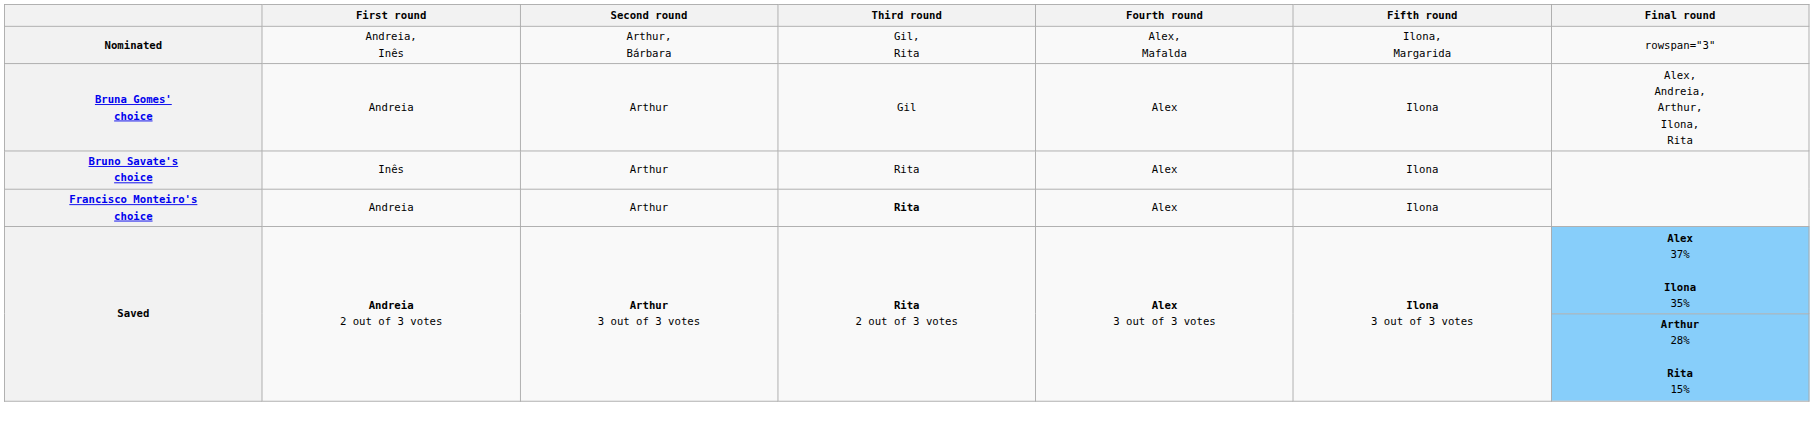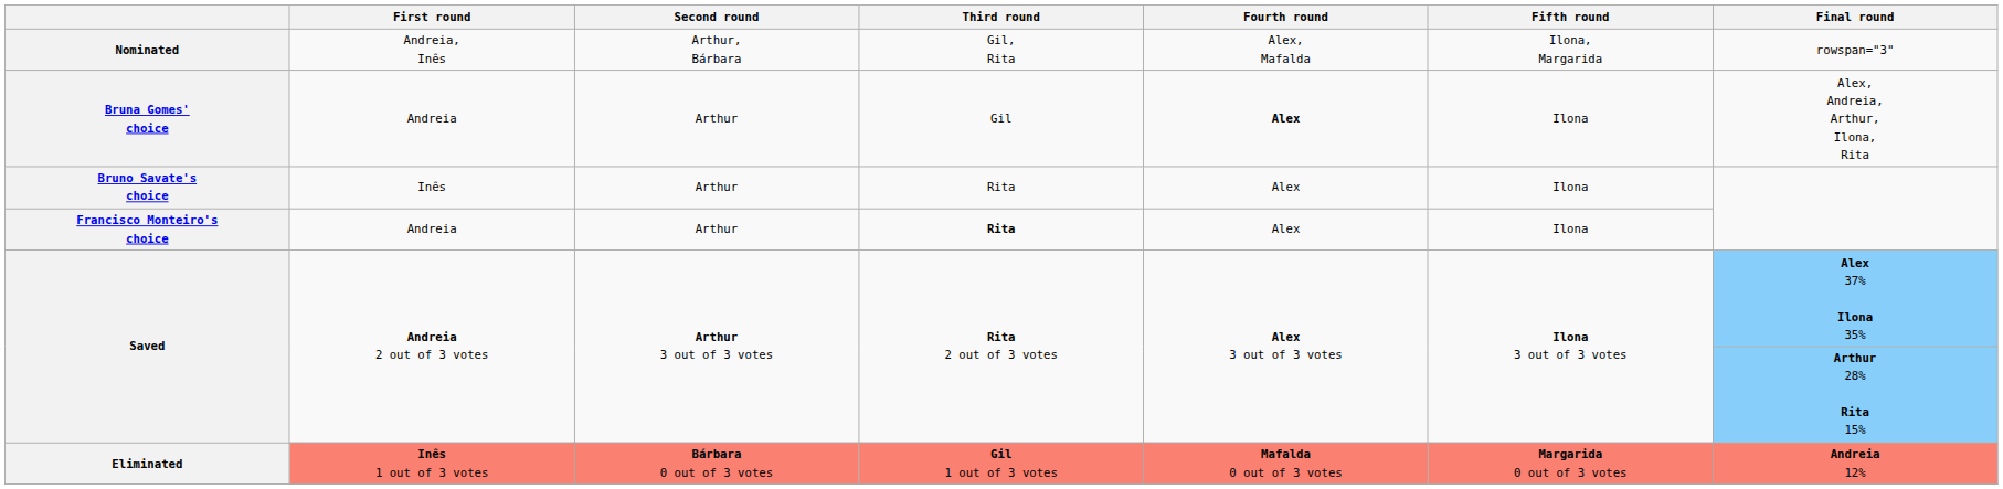 <table class="wikitable" style="width:100%; text-align:center; font-size:90%; line-height:18px">
 <tr>
 <th style="width:10%"></th>
 <th style="width:10%">First round<br></th>
 <th style="width:10%">Second round<br></th>
 <th style="width:10%">Third round<br></th>
 <th style="width:10%">Fourth round<br></th>
 <th style="width:10%">Fifth round<br></th>
 <th style="width:10%">Final round<br></th>
 </tr>
 <tr>
 <th>Nominated</th>
 <td>Andreia,<br>Inês</td>
 <td>Arthur,<br>Bárbara</td>
 <td>Gil,<br>Rita</td>
 <td>Alex,<br>Mafalda</td>
 <td>Ilona,<br>Margarida</td>
 <td>rowspan="3" </td>
 </tr>
 <tr>
 <th><a href='#'>Bruna Gomes'<br>choice</a></th>
 <td>Andreia</td>
 <td>Arthur</td>
 <td>Gil</td>
-<td>Alex</td>
+<td><strong>Alex</strong></td>
 <td>Ilona</td>
 <td>Alex,<br>Andreia,<br>Arthur,<br>Ilona,<br>Rita</td>
 </tr>
 <tr>
 <th><a href='#'>Bruno Savate's<br>choice</a></th>
 <td>Inês</td>
 <td>Arthur</td>
 <td>Rita</td>
 <td>Alex</td>
 <td>Ilona</td>
 </tr>
 <tr>
 <th><a href='#'>Francisco Monteiro's<br>choice</a></th>
 <td>Andreia</td>
 <td>Arthur</td>
 <td><strong>Rita</strong></td>
 <td>Alex</td>
 <td>Ilona</td>
 </tr>
 <tr>
 <th rowspan="2">Saved</th>
 <td rowspan="2"><strong>Andreia</strong><br>2 out of 3 votes<br></td>
 <td rowspan="2"><strong>Arthur</strong><br>3 out of 3 votes<br></td>
 <td rowspan="2"><strong>Rita</strong><br>2 out of 3 votes<br></td>
 <td rowspan="2"><strong>Alex</strong><br>3 out of 3 votes<br></td>
 <td rowspan="2"><strong>Ilona</strong><br>3 out of 3 votes<br></td>
 <td style="background:#87CEFA"><strong>Alex</strong><br>37%<br><br><strong>Ilona</strong><br>35%<br></td>
 </tr>
 <tr>
 <td style="background:#87CEFA"><strong>Arthur</strong><br>28%<br><br><strong>Rita</strong><br>15%<br></td>
 </tr>
+<tr>
+<th>Eliminated</th>
+<td style="background: salmon"><strong>Inês</strong><br>1 out of 3 votes<br></td>
+<td style="background: salmon"><strong>Bárbara</strong><br>0 out of 3 votes<br></td>
+<td style="background: salmon"><strong>Gil</strong><br>1 out of 3 votes<br></td>
+<td style="background: salmon"><strong>Mafalda</strong><br>0 out of 3 votes<br></td>
+<td style="background: salmon"><strong>Margarida</strong><br>0 out of 3 votes<br></td>
+<td style="background: salmon"><strong>Andreia</strong><br>12%<br></td>
+</tr>
 </table>
